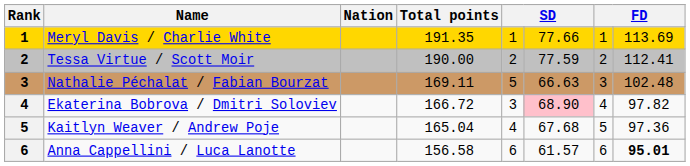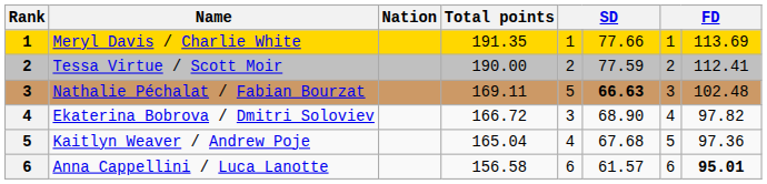 <table class="wikitable sortable">
 <tr>
 <th>Rank</th>
 <th>Name</th>
 <th>Nation</th>
 <th>Total points</th>
 <th colspan="2" width="80px"><a href='#'>SD</a></th>
 <th colspan="2" width="80px"><a href='#'>FD</a></th>
 </tr>
 <tr bgcolor="gold">
 <td align="center"><strong>1</strong></td>
 <td><a href='#'>Meryl Davis</a> / <a href='#'>Charlie White</a></td>
 <td></td>
 <td align="center">191.35</td>
 <td align="center">1</td>
 <td align="center">77.66</td>
 <td align="center">1</td>
 <td align="center">113.69</td>
 </tr>
 <tr bgcolor="silver">
 <td align="center"><strong>2</strong></td>
 <td><a href='#'>Tessa Virtue</a> / <a href='#'>Scott Moir</a></td>
 <td></td>
 <td align="center">190.00</td>
 <td align="center">2</td>
 <td align="center">77.59</td>
 <td align="center">2</td>
 <td align="center">112.41</td>
 </tr>
 <tr bgcolor="cc9966">
 <td align="center"><strong>3</strong></td>
 <td><a href='#'>Nathalie Péchalat</a> / <a href='#'>Fabian Bourzat</a></td>
 <td></td>
 <td align="center">169.11</td>
 <td align="center">5</td>
-<td align="center">66.63</td>
+<td align="center"><strong>66.63</strong></td>
 <td align="center">3</td>
 <td align="center">102.48</td>
 </tr>
 <tr>
 <th>4</th>
 <td><a href='#'>Ekaterina Bobrova</a> / <a href='#'>Dmitri Soloviev</a></td>
 <td></td>
 <td align="center">166.72</td>
 <td align="center">3</td>
-<td align="center" style="background: pink;">68.90</td>
+<td align="center">68.90</td>
 <td align="center">4</td>
 <td align="center">97.82</td>
 </tr>
 <tr>
 <th>5</th>
 <td><a href='#'>Kaitlyn Weaver</a> / <a href='#'>Andrew Poje</a></td>
 <td></td>
 <td align="center">165.04</td>
 <td align="center">4</td>
 <td align="center">67.68</td>
 <td align="center">5</td>
 <td align="center">97.36</td>
 </tr>
 <tr>
 <th>6</th>
 <td><a href='#'>Anna Cappellini</a> / <a href='#'>Luca Lanotte</a></td>
 <td></td>
 <td align="center">156.58</td>
 <td align="center">6</td>
 <td align="center">61.57</td>
 <td align="center">6</td>
 <td align="center"><strong>95.01</strong></td>
 </tr>
 </table>
